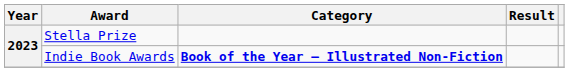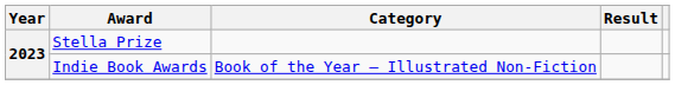 <table class="wikitable sortable">
 <tr>
 <th>Year</th>
 <th>Award</th>
 <th>Category</th>
 <th>Result</th>
 <th></th>
 </tr>
 <tr>
 <th rowspan="2">2023</th>
 <td><a href='#'>Stella Prize</a></td>
 <td></td>
 <td></td>
 <td></td>
 </tr>
 <tr>
 <td><a href='#'>Indie Book Awards</a></td>
-<td><strong><a href='#'>Book of the Year – Illustrated Non-Fiction</a></strong></td>
+<td><a href='#'>Book of the Year – Illustrated Non-Fiction</a></td>
 <td></td>
 <td></td>
 </tr>
 <tr>
 </tr>
 </table>
